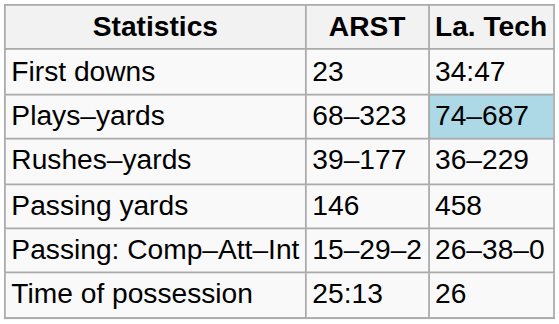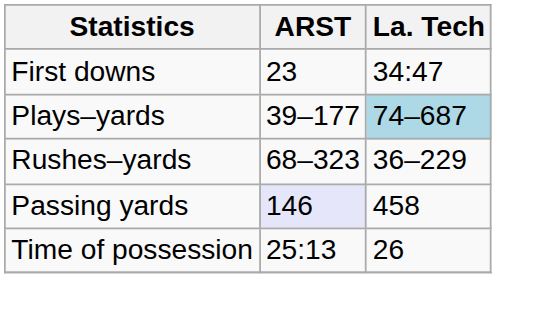 <table class="wikitable">
 <tr>
 <th>Statistics</th>
 <th>ARST</th>
 <th>La. Tech</th>
 </tr>
 <tr>
 <td>First downs</td>
 <td>23</td>
 <td>34:47</td>
 </tr>
 <tr>
 <td>Plays–yards</td>
-<td>68–323</td>
+<td>39–177</td>
 <td style="background: lightblue;">74–687</td>
 </tr>
 <tr>
 <td>Rushes–yards</td>
-<td>39–177</td>
+<td>68–323</td>
 <td>36–229</td>
 </tr>
 <tr>
 <td>Passing yards</td>
-<td>146</td>
+<td style="background: lavender;">146</td>
 <td>458</td>
-</tr>
-<tr>
-<td>Passing: Comp–Att–Int</td>
-<td>15–29–2</td>
-<td>26–38–0</td>
 </tr>
 <tr>
 <td>Time of possession</td>
 <td>25:13</td>
 <td>26</td>
 </tr>
 <tr>
 </tr>
 </table>
